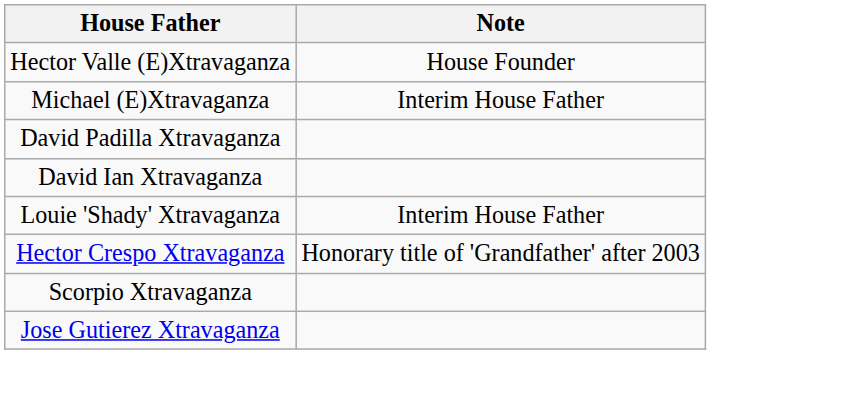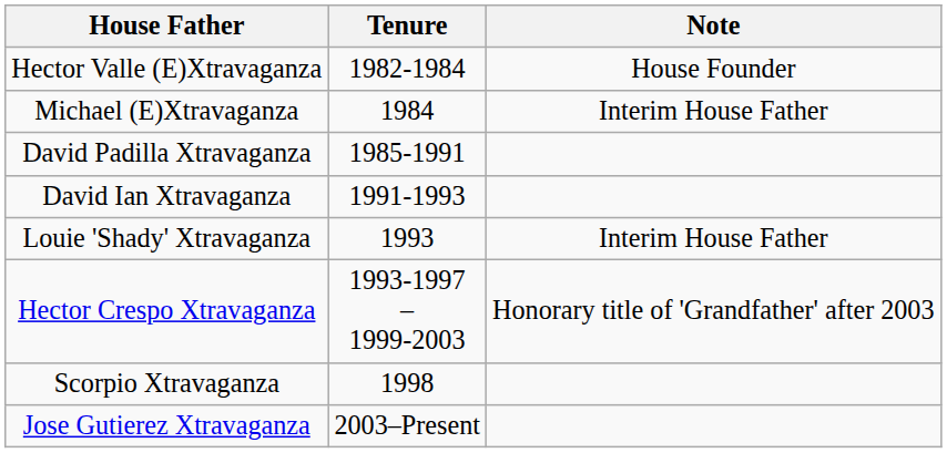 <table class="wikitable sortable" style="text-align: center;">
 <tr>
 <th>House Father</th>
+<th>Tenure</th>
 <th>Note</th>
 </tr>
 <tr style="height: 25px;">
 <td>Hector Valle (E)Xtravaganza</td>
+<td>1982-1984</td>
 <td>House Founder</td>
 </tr>
 <tr style="height: 25px;">
 <td>Michael (E)Xtravaganza</td>
+<td>1984</td>
 <td>Interim House Father</td>
 </tr>
 <tr style="height: 25px;">
 <td>David Padilla Xtravaganza</td>
+<td>1985-1991</td>
 <td></td>
 </tr>
 <tr style="height: 25px;">
 <td>David Ian Xtravaganza</td>
+<td>1991-1993</td>
 <td></td>
 </tr>
 <tr style="height: 25px;">
 <td>Louie 'Shady' Xtravaganza</td>
+<td>1993</td>
 <td>Interim House Father</td>
 </tr>
 <tr style="height: 25px;">
 <td><a href='#'>Hector Crespo Xtravaganza</a></td>
+<td>1993-1997 <br>–<br>1999-2003</td>
 <td>Honorary title of 'Grandfather' after 2003</td>
 </tr>
 <tr style="height: 25px;">
 <td>Scorpio Xtravaganza</td>
+<td>1998</td>
 <td></td>
 </tr>
 <tr style="height: 25px;">
 <td><a href='#'>Jose Gutierez Xtravaganza</a></td>
+<td>2003–Present</td>
 <td></td>
 </tr>
 </table>
